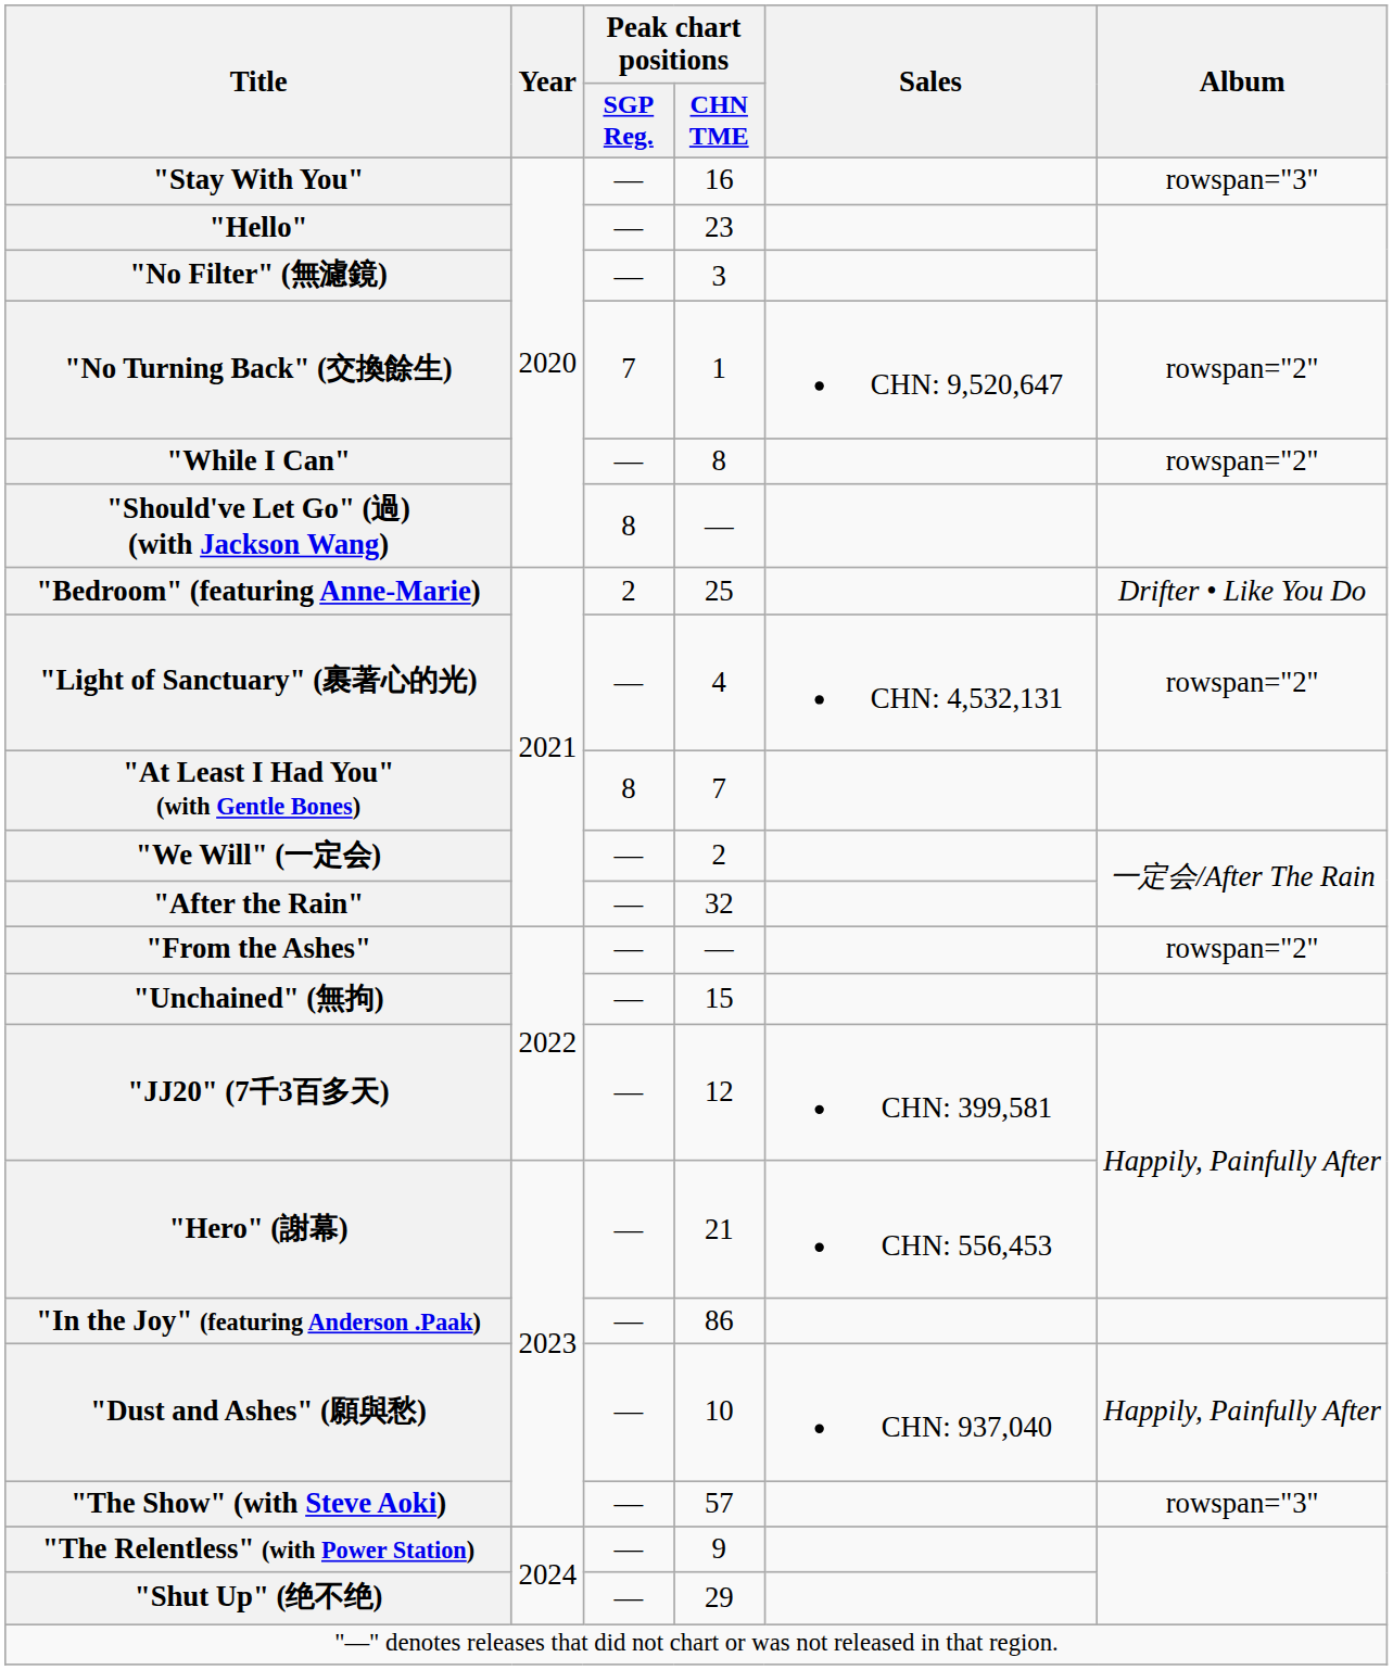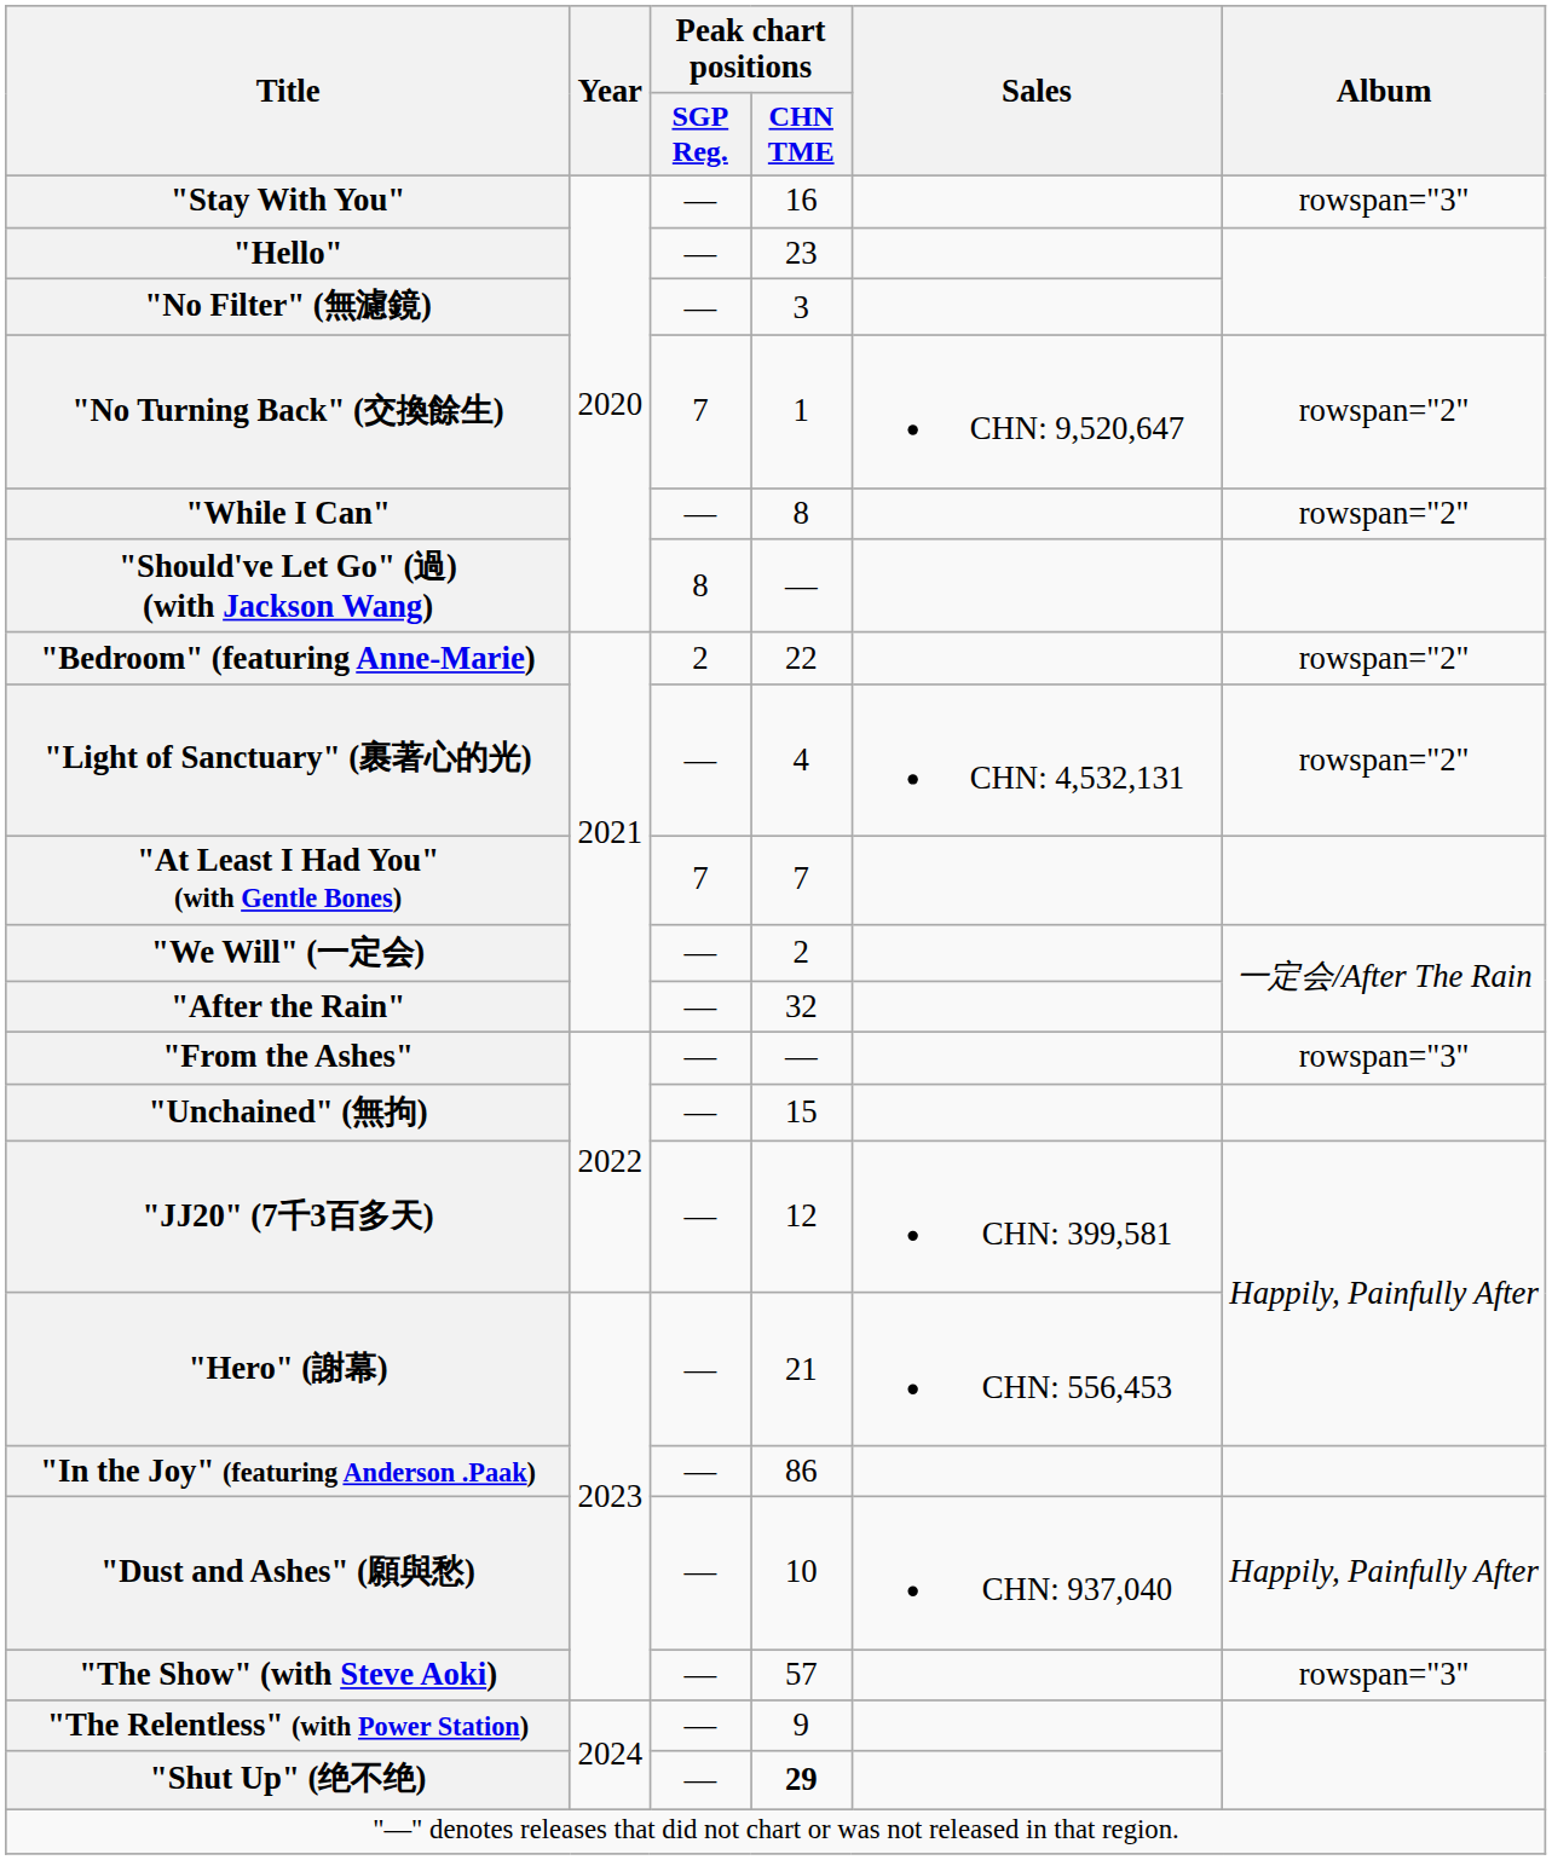 <table class="wikitable plainrowheaders" style="text-align:center;">
 <tr>
 <th rowspan="2" scope="col" style="width:17em;">Title</th>
 <th rowspan="2">Year</th>
 <th colspan="2">Peak chart positions</th>
 <th rowspan="2" scope="col" style="width:11em;">Sales</th>
 <th rowspan="2">Album</th>
 </tr>
 <tr>
 <th scope="col" style="width:3em;font-size:90%;"><a href='#'>SGP Reg.</a><br></th>
 <th scope="col" style="width:3em;font-size:90%;"><a href='#'>CHN TME</a><br></th>
 </tr>
 <tr>
 <th scope="row">"Stay With You"</th>
 <td rowspan="6">2020</td>
 <td>—</td>
 <td>16</td>
 <td></td>
 <td>rowspan="3" </td>
 </tr>
 <tr>
 <th scope="row">"Hello"</th>
 <td>—</td>
 <td>23</td>
 <td></td>
 </tr>
 <tr>
 <th scope="row">"No Filter" (無濾鏡)</th>
 <td>—</td>
 <td>3</td>
 <td></td>
 </tr>
 <tr>
 <th scope="row">"No Turning Back" (交換餘生)</th>
 <td>7</td>
 <td>1</td>
 <td><br><ul><li>CHN: 9,520,647</li></ul></td>
 <td>rowspan="2" </td>
 </tr>
 <tr>
 <th scope="row">"While I Can"</th>
 <td>—</td>
 <td>8</td>
 <td></td>
 <td>rowspan="2" </td>
 </tr>
 <tr>
 <th scope="row">"Should've Let Go" (過)<br><span>(with <a href='#'>Jackson Wang</a>)</span></th>
 <td>8</td>
 <td>—</td>
 <td></td>
 </tr>
 <tr>
 <th scope="row">"Bedroom" <span>(featuring <a href='#'>Anne-Marie</a>)</span></th>
 <td rowspan="5">2021</td>
 <td>2</td>
-<td>25</td>
+<td>22</td>
 <td></td>
-<td><em>Drifter • Like You Do</em></td>
+<td>rowspan="2" </td>
 </tr>
 <tr>
 <th scope="row">"Light of Sanctuary" (裹著心的光)</th>
 <td>—</td>
 <td>4</td>
 <td><br><ul><li>CHN: 4,532,131</li></ul></td>
 <td>rowspan="2" </td>
 </tr>
 <tr>
 <th scope="row">"At Least I Had You"<br><small>(with <a href='#'>Gentle Bones</a>)</small></th>
-<td>8</td>
+<td>7</td>
 <td>7</td>
 <td></td>
 </tr>
 <tr>
 <th scope="row">"We Will" (一定会)</th>
 <td>—</td>
 <td>2</td>
 <td></td>
 <td rowspan="2"><em>一定会/After The Rain</em></td>
 </tr>
 <tr>
 <th scope="row">"After the Rain"</th>
 <td>—</td>
 <td>32</td>
 <td></td>
 </tr>
 <tr>
 <th scope="row">"From the Ashes"</th>
 <td rowspan="3">2022</td>
 <td>—</td>
 <td>—</td>
 <td></td>
-<td>rowspan="2" </td>
+<td>rowspan="3" </td>
 </tr>
 <tr>
 <th scope="row">"Unchained" (無拘)</th>
 <td>—</td>
 <td>15</td>
 <td></td>
 </tr>
 <tr>
 <th scope="row">"JJ20" (7千3百多天)</th>
 <td>—</td>
 <td>12</td>
 <td><br><ul><li>CHN: 399,581</li></ul></td>
 <td rowspan="2"><em>Happily, Painfully After</em></td>
 </tr>
 <tr>
 <th scope="row">"Hero" (謝幕)</th>
 <td rowspan="4">2023</td>
 <td>—</td>
 <td>21</td>
 <td><br><ul><li>CHN: 556,453</li></ul></td>
 </tr>
 <tr>
 <th scope="row">"In the Joy" <small>(featuring <a href='#'>Anderson .Paak</a>)</small></th>
 <td>—</td>
 <td>86</td>
 <td></td>
 <td></td>
 </tr>
 <tr>
 <th scope="row">"Dust and Ashes" (願與愁)</th>
 <td>—</td>
 <td>10</td>
 <td><br><ul><li>CHN: 937,040</li></ul></td>
 <td><em>Happily, Painfully After</em></td>
 </tr>
 <tr>
 <th scope="row">"The Show" <span>(with <a href='#'>Steve Aoki</a>)</span></th>
 <td>—</td>
 <td>57</td>
 <td></td>
 <td>rowspan="3" </td>
 </tr>
 <tr>
 <th scope="row">"The Relentless" <small>(with <a href='#'>Power Station</a>)</small></th>
 <td rowspan="2">2024</td>
 <td>—</td>
 <td>9</td>
 <td></td>
 </tr>
 <tr>
 <th scope="row">"Shut Up" (绝不绝)</th>
 <td>—</td>
-<td>29</td>
+<td><strong>29</strong></td>
 <td></td>
 </tr>
 <tr>
 <td colspan="6" style="font-size:85%">"—" denotes releases that did not chart or was not released in that region.</td>
 </tr>
 </table>
